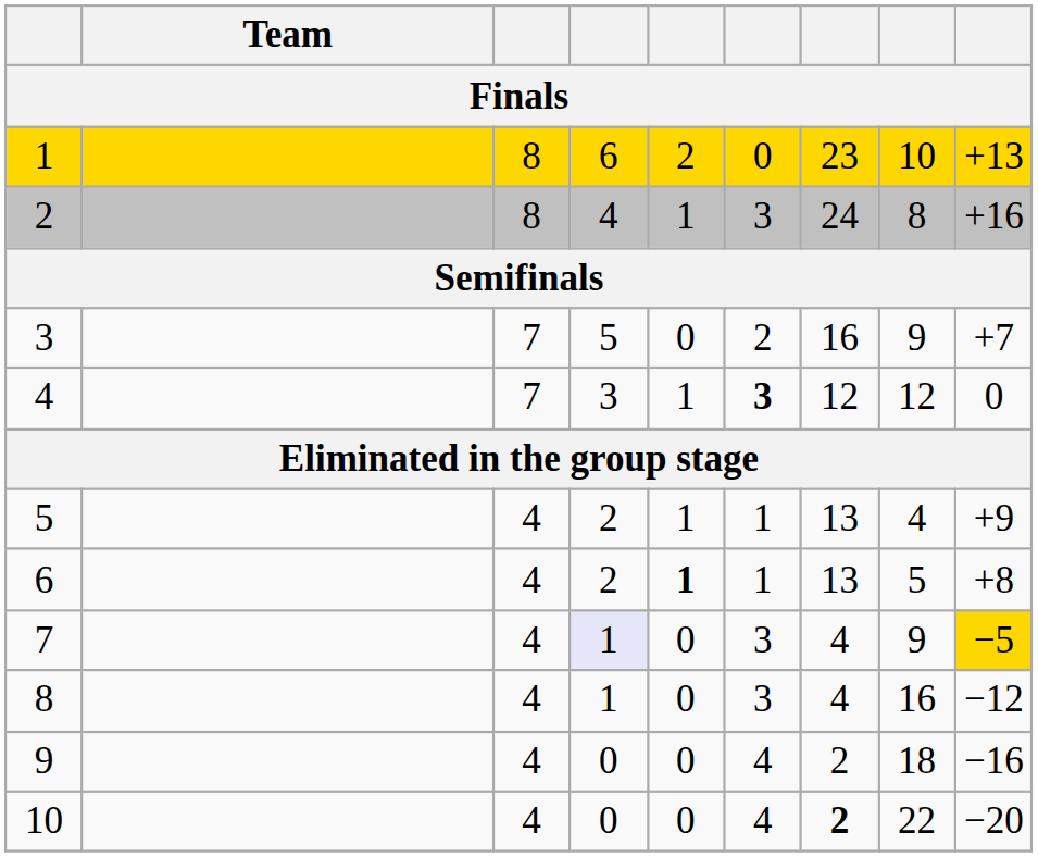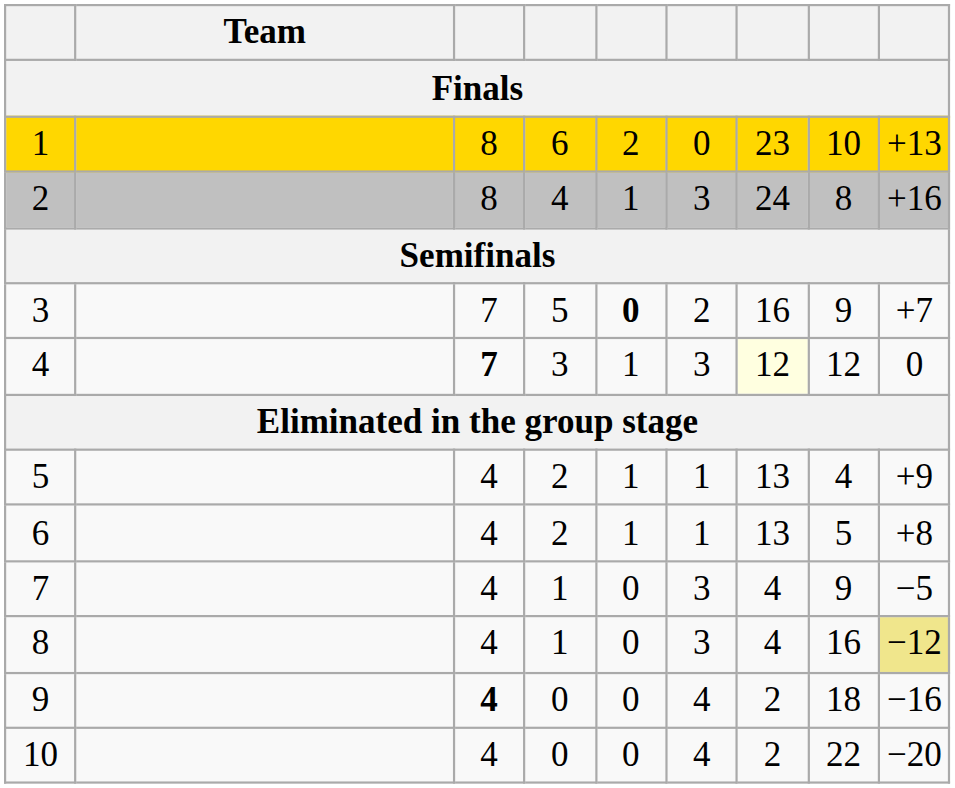 <table class="wikitable" style="text-align:center;">
 <tr>
 <th width="25"></th>
 <th width="165">Team</th>
 <th width="25"></th>
 <th width="25"></th>
 <th width="25"></th>
 <th width="25"></th>
 <th width="25"></th>
 <th width="25"></th>
 <th width="25"></th>
 </tr>
 <tr>
 <th colspan=10>Finals</th>
 </tr>
 <tr style="background:gold;">
 <td>1</td>
 <td align=left></td>
 <td>8</td>
 <td>6</td>
 <td>2</td>
 <td>0</td>
 <td>23</td>
 <td>10</td>
 <td>+13</td>
 </tr>
 <tr style="background:silver;">
 <td>2</td>
 <td align=left></td>
 <td>8</td>
 <td>4</td>
 <td>1</td>
 <td>3</td>
 <td>24</td>
 <td>8</td>
 <td>+16</td>
 </tr>
 <tr>
 <th colspan=10>Semifinals</th>
 </tr>
 <tr style="background:bronze;">
 <td>3</td>
 <td align=left></td>
 <td>7</td>
 <td>5</td>
-<td>0</td>
+<td><strong>0</strong></td>
 <td>2</td>
 <td>16</td>
 <td>9</td>
 <td>+7</td>
 </tr>
 <tr>
 <td>4</td>
 <td align=left></td>
-<td>7</td>
+<td><strong>7</strong></td>
 <td>3</td>
 <td>1</td>
-<td><strong>3</strong></td>
-<td>12</td>
+<td>3</td>
+<td style="background: lightyellow;">12</td>
 <td>12</td>
 <td>0</td>
 </tr>
 <tr>
 <th colspan=10>Eliminated in the group stage</th>
 </tr>
 <tr>
 <td>5</td>
 <td align=left></td>
 <td>4</td>
 <td>2</td>
 <td>1</td>
 <td>1</td>
 <td>13</td>
 <td>4</td>
 <td>+9</td>
 </tr>
 <tr>
 <td>6</td>
 <td align=left></td>
 <td>4</td>
 <td>2</td>
-<td><strong>1</strong></td>
+<td>1</td>
 <td>1</td>
 <td>13</td>
 <td>5</td>
 <td>+8</td>
 </tr>
 <tr>
 <td>7</td>
 <td align=left></td>
 <td>4</td>
-<td style="background: lavender;">1</td>
+<td>1</td>
 <td>0</td>
 <td>3</td>
 <td>4</td>
 <td>9</td>
-<td style="background: gold;">−5</td>
+<td>−5</td>
 </tr>
 <tr>
 <td>8</td>
 <td align=left></td>
 <td>4</td>
 <td>1</td>
 <td>0</td>
 <td>3</td>
 <td>4</td>
 <td>16</td>
-<td>−12</td>
+<td style="background: khaki;">−12</td>
 </tr>
 <tr>
 <td>9</td>
 <td align=left></td>
-<td>4</td>
+<td><strong>4</strong></td>
 <td>0</td>
 <td>0</td>
 <td>4</td>
 <td>2</td>
 <td>18</td>
 <td>−16</td>
 </tr>
 <tr>
 <td>10</td>
 <td align=left></td>
 <td>4</td>
 <td>0</td>
 <td>0</td>
 <td>4</td>
-<td><strong>2</strong></td>
+<td>2</td>
 <td>22</td>
 <td>−20</td>
 </tr>
 </table>
